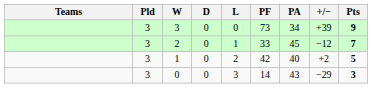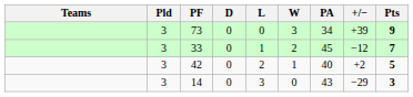 <table class="wikitable" style="text-align: center;">
 <tr>
 <th width="200">Teams</th>
 <th width="40">Pld</th>
-<th width="40">W</th>
+<th width="40">PF</th>
 <th width="40">D</th>
 <th width="40">L</th>
-<th width="40">PF</th>
+<th width="40">W</th>
 <th width="40">PA</th>
 <th width="40">+/−</th>
 <th width="40">Pts</th>
 </tr>
 <tr bgcolor=ccffcc>
 <td align=left></td>
 <td>3</td>
-<td>3</td>
+<td>73</td>
 <td>0</td>
 <td>0</td>
-<td>73</td>
+<td>3</td>
 <td>34</td>
 <td>+39</td>
 <td><strong>9</strong></td>
 </tr>
 <tr bgcolor=ccffcc>
 <td align=left></td>
 <td>3</td>
-<td>2</td>
+<td>33</td>
 <td>0</td>
 <td>1</td>
-<td>33</td>
+<td>2</td>
 <td>45</td>
 <td>−12</td>
 <td><strong>7</strong></td>
 </tr>
 <tr>
 <td align=left></td>
 <td>3</td>
-<td>1</td>
+<td>42</td>
 <td>0</td>
 <td>2</td>
-<td>42</td>
+<td>1</td>
 <td>40</td>
 <td>+2</td>
 <td><strong>5</strong></td>
 </tr>
 <tr>
 <td align=left></td>
 <td>3</td>
-<td>0</td>
+<td>14</td>
 <td>0</td>
 <td>3</td>
-<td>14</td>
+<td>0</td>
 <td>43</td>
 <td>−29</td>
 <td><strong>3</strong></td>
 </tr>
 </table>
